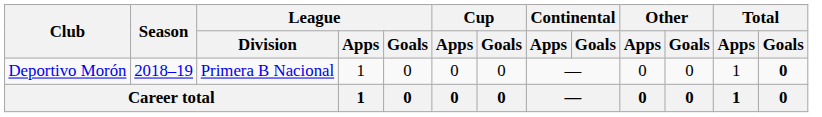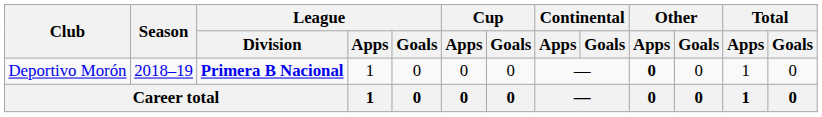 <table class="wikitable" style="text-align:center">
 <tr>
 <th rowspan="2">Club</th>
 <th rowspan="2">Season</th>
 <th colspan="3">League</th>
 <th colspan="2">Cup</th>
 <th colspan="2">Continental</th>
 <th colspan="2">Other</th>
 <th colspan="2">Total</th>
 </tr>
 <tr>
 <th>Division</th>
 <th>Apps</th>
 <th>Goals</th>
 <th>Apps</th>
 <th>Goals</th>
 <th>Apps</th>
 <th>Goals</th>
 <th>Apps</th>
 <th>Goals</th>
 <th>Apps</th>
 <th>Goals</th>
 </tr>
 <tr>
 <td rowspan="1"><a href='#'>Deportivo Morón</a></td>
 <td><a href='#'>2018–19</a></td>
-<td rowspan="1"><a href='#'>Primera B Nacional</a></td>
+<td rowspan="1"><strong><a href='#'>Primera B Nacional</a></strong></td>
 <td>1</td>
 <td>0</td>
 <td>0</td>
 <td>0</td>
 <td colspan="2">—</td>
-<td>0</td>
+<td><strong>0</strong></td>
 <td>0</td>
 <td>1</td>
-<td><strong>0</strong></td>
+<td>0</td>
 </tr>
 <tr>
 <th colspan="3">Career total</th>
 <th>1</th>
 <th>0</th>
 <th>0</th>
 <th>0</th>
 <th colspan="2">—</th>
 <th>0</th>
 <th>0</th>
 <th>1</th>
 <th>0</th>
 </tr>
 </table>
